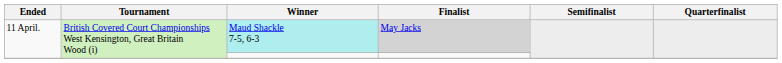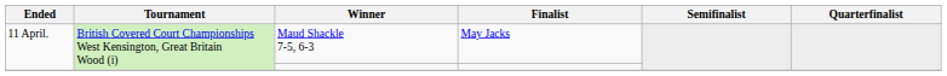 <table class="wikitable" style="font-size:85%;">
 <tr>
 <th width="75">Ended</th>
 <th width="230">Tournament</th>
 <th width="210">Winner</th>
 <th width="210">Finalist</th>
 <th width="170">Semifinalist</th>
 <th width="170">Quarterfinalist</th>
 </tr>
 <tr valign=top>
 <td rowspan=2>11 April.</td>
 <td style="background:#d0f0c0" rowspan="2"><a href='#'>British Covered Court Championships</a><br>West Kensington, Great Britain<br>Wood (i)</td>
-<td style="background: paleturquoise;"> <a href='#'>Maud Shackle</a><br>7-5, 6-3</td>
-<td style="background: lightgrey;"> <a href='#'>May Jacks</a></td>
+<td> <a href='#'>Maud Shackle</a><br>7-5, 6-3</td>
+<td> <a href='#'>May Jacks</a></td>
 <td style="background:#ededed;" rowspan=2></td>
 <td style="background:#ededed;" rowspan=2></td>
 </tr>
 <tr valign=top>
 <td></td>
 <td></td>
 </tr>
 <tr valign=top>
 </tr>
 </table>
